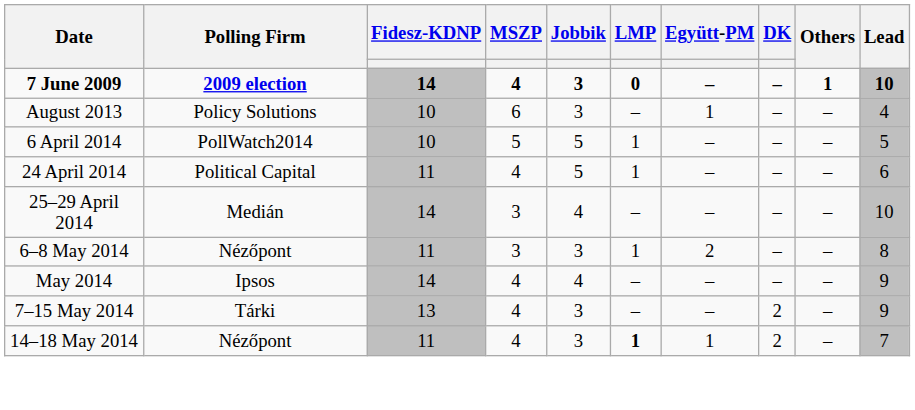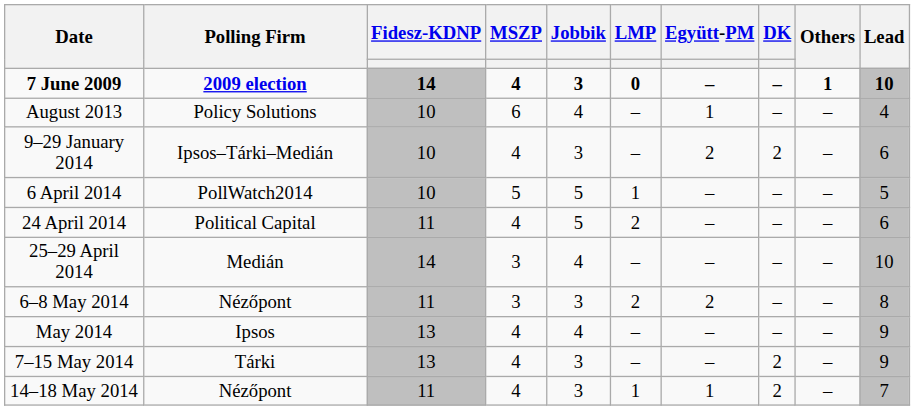 <table class="wikitable" style="text-align:center; font-size:90%; line-height:16px;">
 <tr style="height:42px;">
 <th style="width:100px;" rowspan="2">Date</th>
 <th style="width:165px;" rowspan="2">Polling Firm</th>
 <th><a href='#'><span>Fidesz-KDNP</span></a></th>
 <th><a href='#'><span>MSZP</span></a></th>
 <th><a href='#'><span>Jobbik</span></a></th>
 <th><a href='#'><span>LMP</span></a></th>
 <th><a href='#'><span>Együtt</span></a>-<a href='#'><span>PM</span></a></th>
 <th><a href='#'><span>DK</span></a></th>
 <th style="width:40px;" rowspan="2">Others</th>
 <th style="width:20px;" rowspan="2">Lead</th>
 </tr>
 <tr>
 <th style="color:inherit;background:"></th>
 <th style="color:inherit;background:"></th>
 <th style="color:inherit;background:"></th>
 <th style="color:inherit;background:"></th>
 <th style="color:inherit;background:"></th>
 <th style="color:inherit;background:"></th>
 </tr>
 <tr>
 <td><strong>7 June 2009</strong></td>
 <td><strong><a href='#'>2009 election</a></strong></td>
 <td style="background:#BFBFBF"><strong>14</strong></td>
 <td><strong>4</strong></td>
 <td><strong>3</strong></td>
 <td><strong>0</strong></td>
 <td><strong>–</strong></td>
 <td><strong>–</strong></td>
 <td><strong>1</strong></td>
 <td style="background:#BFBFBF"><strong>10</strong></td>
 </tr>
 <tr>
 <td>August 2013</td>
 <td>Policy Solutions</td>
 <td style="background:#BFBFBF">10</td>
 <td>6</td>
-<td>3</td>
+<td>4</td>
 <td>–</td>
 <td>1</td>
 <td>–</td>
 <td>–</td>
 <td style="background:#BFBFBF">4</td>
+</tr>
+<tr>
+<td>9–29 January 2014</td>
+<td>Ipsos–Tárki–Medián</td>
+<td style="background:#BFBFBF">10</td>
+<td>4</td>
+<td>3</td>
+<td>–</td>
+<td>2</td>
+<td>2</td>
+<td>–</td>
+<td style="background:#BFBFBF">6</td>
 </tr>
 <tr>
 <td>6 April 2014</td>
 <td>PollWatch2014</td>
 <td style="background:#BFBFBF">10</td>
 <td>5</td>
 <td>5</td>
 <td>1</td>
 <td>–</td>
 <td>–</td>
 <td>–</td>
 <td style="background:#BFBFBF">5</td>
 </tr>
 <tr>
 <td>24 April 2014</td>
 <td>Political Capital</td>
 <td style="background:#BFBFBF">11</td>
 <td>4</td>
 <td>5</td>
-<td>1</td>
+<td>2</td>
 <td>–</td>
 <td>–</td>
 <td>–</td>
 <td style="background:#BFBFBF">6</td>
 </tr>
 <tr>
 <td>25–29 April 2014</td>
 <td>Medián</td>
 <td style="background:#BFBFBF">14</td>
 <td>3</td>
 <td>4</td>
 <td>–</td>
 <td>–</td>
 <td>–</td>
 <td>–</td>
 <td style="background:#BFBFBF">10</td>
 </tr>
 <tr>
 <td>6–8 May 2014</td>
 <td>Nézőpont</td>
 <td style="background:#BFBFBF">11</td>
 <td>3</td>
 <td>3</td>
-<td>1</td>
+<td>2</td>
 <td>2</td>
 <td>–</td>
 <td>–</td>
 <td style="background:#BFBFBF">8</td>
 </tr>
 <tr>
 <td>May 2014</td>
 <td>Ipsos</td>
-<td style="background:#BFBFBF">14</td>
+<td style="background:#BFBFBF">13</td>
 <td>4</td>
 <td>4</td>
 <td>–</td>
 <td>–</td>
 <td>–</td>
 <td>–</td>
 <td style="background:#BFBFBF">9</td>
 </tr>
 <tr>
 <td>7–15 May 2014</td>
 <td>Tárki</td>
 <td style="background:#BFBFBF">13</td>
 <td>4</td>
 <td>3</td>
 <td>–</td>
 <td>–</td>
 <td>2</td>
 <td>–</td>
 <td style="background:#BFBFBF">9</td>
 </tr>
 <tr>
 <td>14–18 May 2014</td>
 <td>Nézőpont</td>
 <td style="background:#BFBFBF">11</td>
 <td>4</td>
 <td>3</td>
-<td><strong>1</strong></td>
+<td>1</td>
 <td>1</td>
 <td>2</td>
 <td>–</td>
 <td style="background:#BFBFBF">7</td>
 </tr>
 </table>
